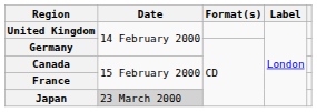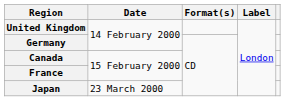 <table class="wikitable plainrowheaders">
 <tr>
 <th>Region</th>
 <th>Date</th>
 <th>Format(s)</th>
 <th>Label</th>
 <th></th>
 </tr>
 <tr>
 <th scope="row">United Kingdom</th>
 <td rowspan="2">14 February 2000</td>
 <td></td>
 <td rowspan="5"><a href='#'>London</a></td>
 <td align="center"></td>
 </tr>
 <tr>
 <th scope="row">Germany</th>
 <td rowspan="4">CD</td>
 <td align="center"></td>
 </tr>
 <tr>
 <th scope="row">Canada</th>
 <td rowspan="2">15 February 2000</td>
 <td align="center"></td>
 </tr>
 <tr>
 <th scope="row">France</th>
 <td align="center"></td>
 </tr>
 <tr>
 <th scope="row">Japan</th>
-<td style="background: lightgrey;">23 March 2000</td>
+<td>23 March 2000</td>
 <td align="center"></td>
 </tr>
 </table>
